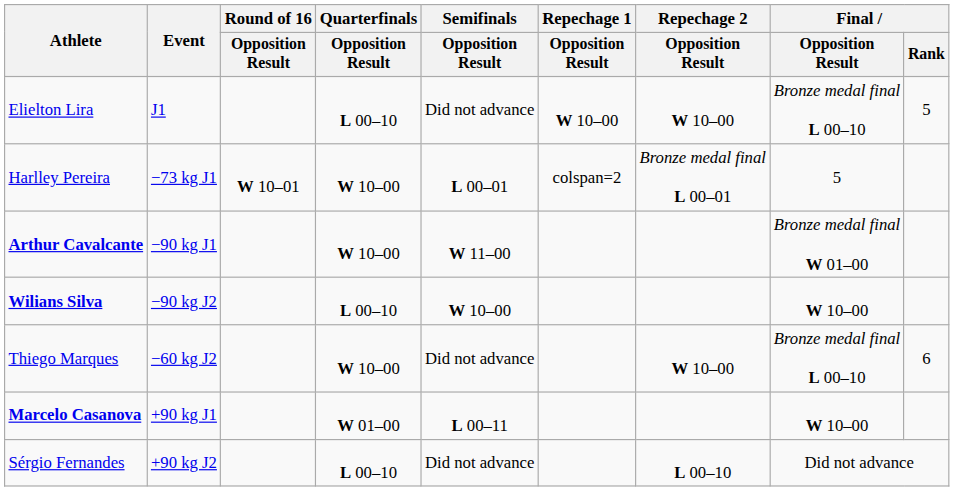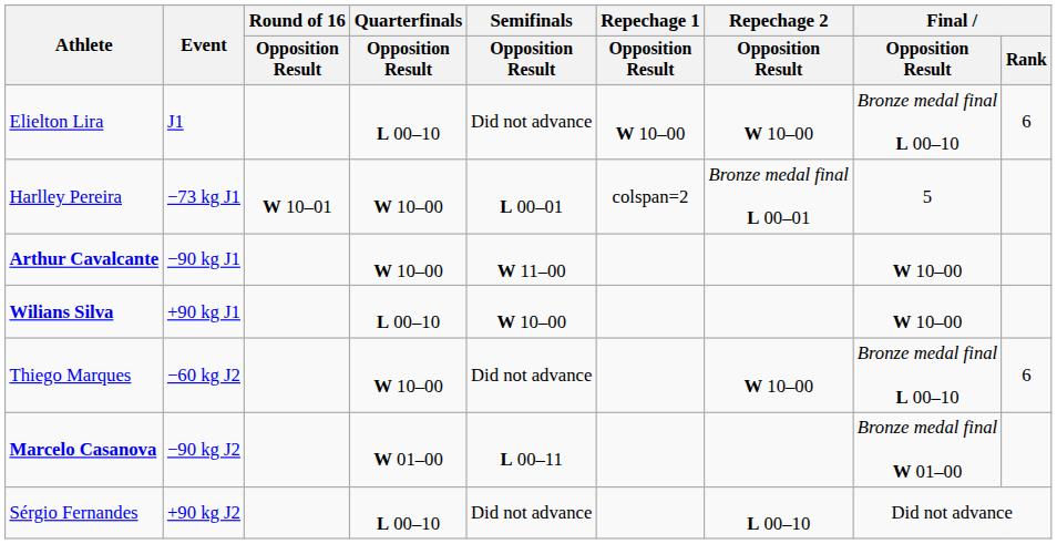 <table class="wikitable" style="font-size:90%">
 <tr>
 <th rowspan="2">Athlete</th>
 <th rowspan="2">Event</th>
 <th>Round of 16</th>
 <th>Quarterfinals</th>
 <th>Semifinals</th>
 <th>Repechage 1</th>
 <th>Repechage 2</th>
 <th colspan="2">Final / </th>
 </tr>
 <tr style="font-size:95%">
 <th>Opposition<br>Result</th>
 <th>Opposition<br>Result</th>
 <th>Opposition<br>Result</th>
 <th>Opposition<br>Result</th>
 <th>Opposition<br>Result</th>
 <th>Opposition<br>Result</th>
 <th>Rank</th>
 </tr>
 <tr align=center>
 <td align=left><a href='#'>Elielton Lira</a></td>
 <td align=left><a href='#'> J1</a></td>
 <td></td>
 <td><br><strong>L</strong> 00–10</td>
 <td>Did not advance</td>
 <td><br><strong>W</strong> 10–00</td>
 <td><br><strong>W</strong> 10–00</td>
 <td><em>Bronze medal final</em><br><br><strong>L</strong> 00–10</td>
-<td>5</td>
+<td>6</td>
 </tr>
 <tr align=center>
 <td align=left><a href='#'>Harlley Pereira</a></td>
 <td align=left><a href='#'>−73 kg J1</a></td>
 <td><br><strong>W</strong> 10–01</td>
 <td><br><strong>W</strong> 10–00</td>
 <td><br><strong>L</strong> 00–01</td>
 <td>colspan=2 </td>
 <td><em>Bronze medal final</em><br><br><strong>L</strong> 00–01</td>
 <td>5</td>
 </tr>
 <tr align=center>
 <td align=left><strong><a href='#'>Arthur Cavalcante</a></strong></td>
 <td align=left><a href='#'>−90 kg J1</a></td>
 <td></td>
 <td><br><strong>W</strong> 10–00</td>
 <td><br><strong>W</strong> 11–00</td>
 <td></td>
 <td></td>
-<td><em>Bronze medal final</em><br><br><strong>W</strong> 01–00</td>
+<td><br><strong>W</strong> 10–00</td>
 <td></td>
 </tr>
 <tr align=center>
 <td align=left><strong><a href='#'>Wilians Silva</a></strong></td>
-<td align=left><a href='#'>−90 kg J2</a></td>
+<td align=left><a href='#'>+90 kg J1</a></td>
 <td></td>
 <td><br><strong>L</strong> 00–10</td>
 <td><br><strong>W</strong> 10–00</td>
 <td></td>
 <td></td>
 <td><br><strong>W</strong> 10–00</td>
 <td></td>
 </tr>
 <tr align=center>
 <td align=left><a href='#'>Thiego Marques</a></td>
 <td align=left><a href='#'>−60 kg J2</a></td>
 <td></td>
 <td><br><strong>W</strong> 10–00</td>
 <td>Did not advance</td>
 <td></td>
 <td><br><strong>W</strong> 10–00</td>
 <td><em>Bronze medal final</em><br><br><strong>L</strong> 00–10</td>
 <td>6</td>
 </tr>
 <tr align=center>
 <td align=left><strong><a href='#'>Marcelo Casanova</a></strong></td>
-<td align=left><a href='#'>+90 kg J1</a></td>
+<td align=left><a href='#'>−90 kg J2</a></td>
 <td></td>
 <td><br><strong>W</strong> 01–00</td>
 <td><br><strong>L</strong> 00–11</td>
 <td></td>
 <td></td>
-<td><br><strong>W</strong> 10–00</td>
+<td><em>Bronze medal final</em><br><br><strong>W</strong> 01–00</td>
 <td></td>
 </tr>
 <tr align=center>
 <td align=left><a href='#'>Sérgio Fernandes</a></td>
 <td align=left><a href='#'>+90 kg J2</a></td>
 <td></td>
 <td><br><strong>L</strong> 00–10</td>
 <td>Did not advance</td>
 <td></td>
 <td><br><strong>L</strong> 00–10</td>
 <td colspan=2>Did not advance</td>
 </tr>
 </table>
